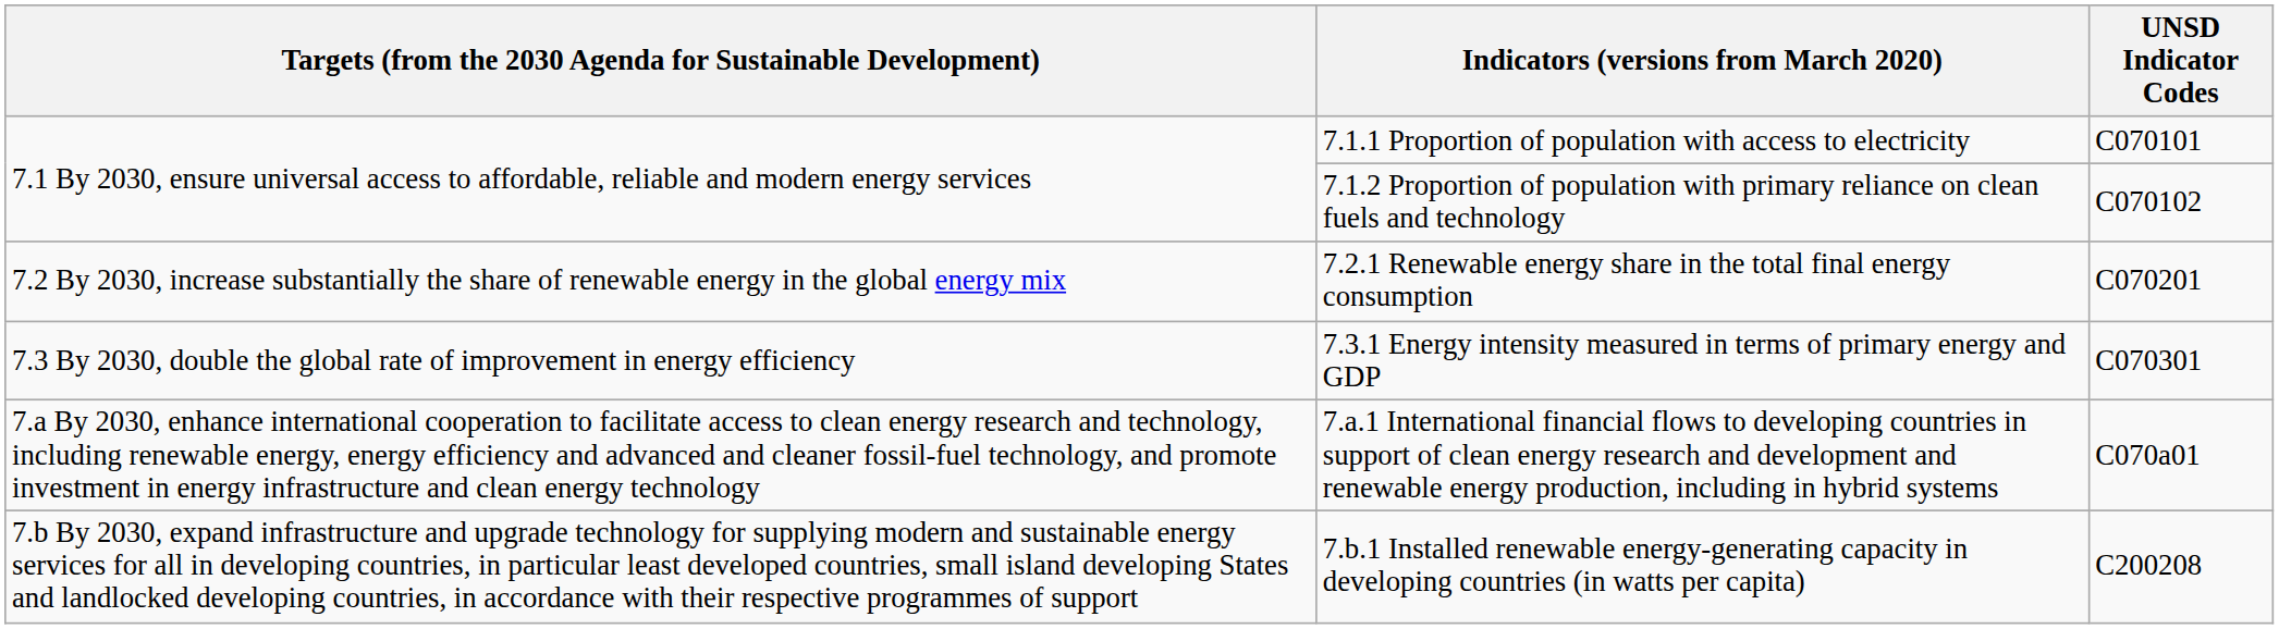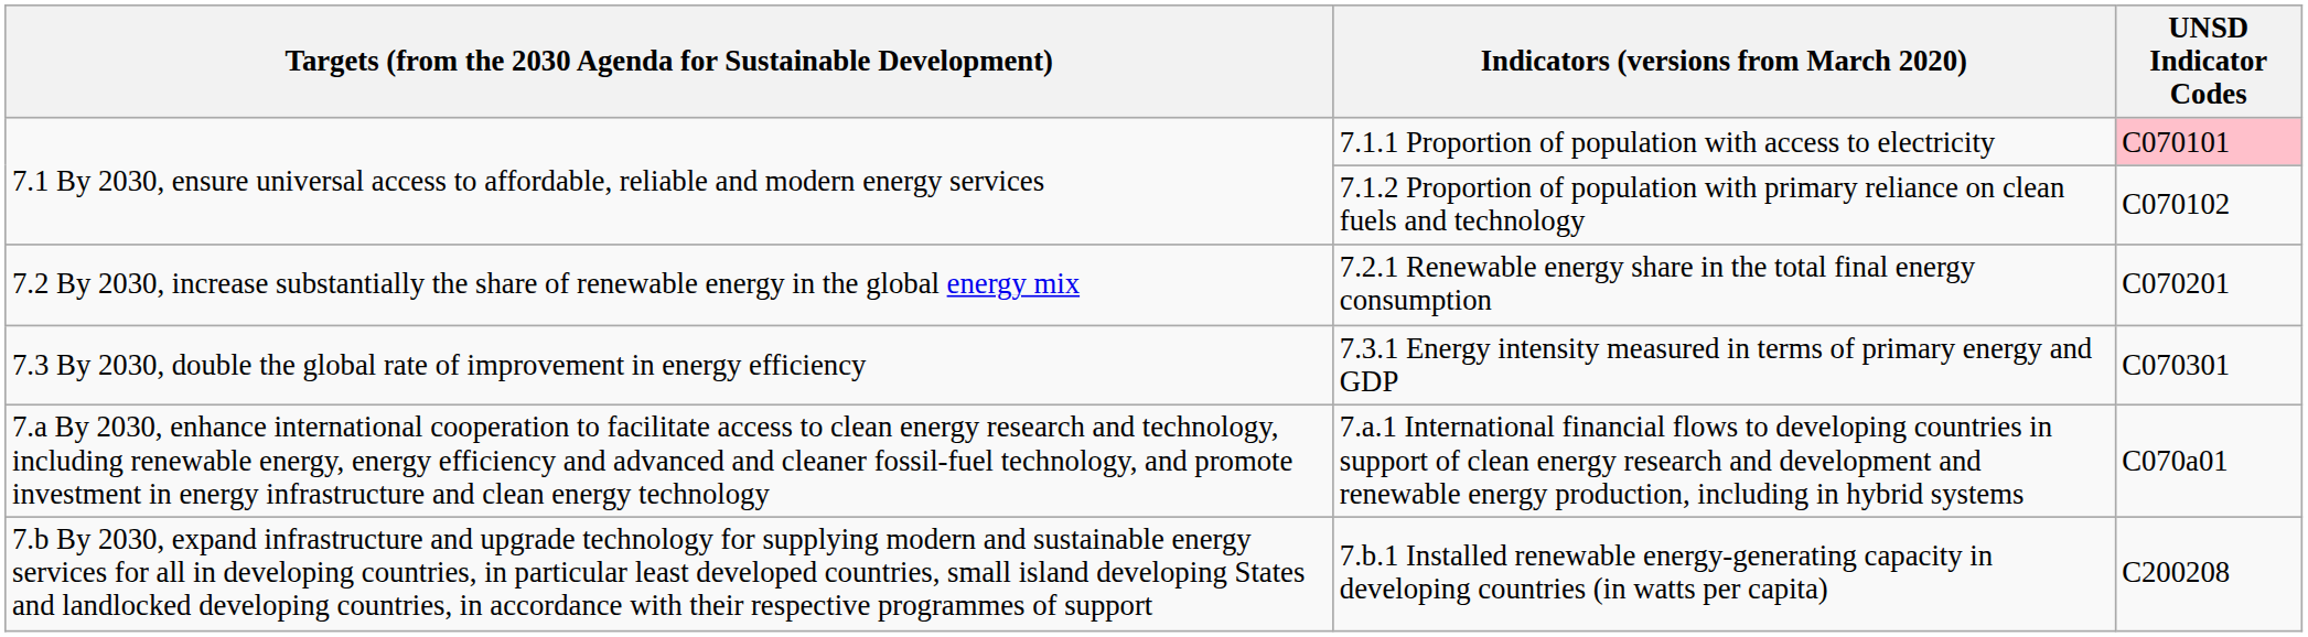 <table class="wikitable">
 <tr>
 <th>Targets (from the 2030 Agenda for Sustainable Development)</th>
 <th>Indicators (versions from March 2020)</th>
 <th>UNSD Indicator Codes </th>
 </tr>
 <tr>
 <td colspan="1" rowspan="2">7.1 By 2030, ensure universal access to affordable, reliable and modern energy services</td>
 <td>7.1.1 Proportion of population with access to electricity</td>
-<td>C070101</td>
+<td style="background: pink;">C070101</td>
 </tr>
 <tr>
 <td>7.1.2 Proportion of population with primary reliance on clean fuels and technology</td>
 <td>C070102</td>
 </tr>
 <tr>
 <td>7.2 By 2030, increase substantially the share of renewable energy in the global <a href='#'>energy mix</a></td>
 <td>7.2.1 Renewable energy share in the total final energy consumption</td>
 <td>C070201</td>
 </tr>
 <tr>
 <td>7.3 By 2030, double the global rate of improvement in energy efficiency</td>
 <td>7.3.1 Energy intensity measured in terms of primary energy and GDP</td>
 <td>C070301</td>
 </tr>
 <tr>
 <td>7.a By 2030, enhance international cooperation to facilitate access to clean energy research and technology, including renewable energy, energy efficiency and advanced and cleaner fossil-fuel technology, and promote investment in energy infrastructure and clean energy technology</td>
 <td>7.a.1 International financial flows to developing countries in support of clean energy research and development and renewable energy production, including in hybrid systems</td>
 <td>C070a01</td>
 </tr>
 <tr>
 <td>7.b By 2030, expand infrastructure and upgrade technology for supplying modern and sustainable energy services for all in developing countries, in particular least developed countries, small island developing States and landlocked developing countries, in accordance with their respective programmes of support</td>
 <td>7.b.1 Installed renewable energy-generating capacity in developing countries (in watts per capita)</td>
 <td>C200208</td>
 </tr>
 </table>
